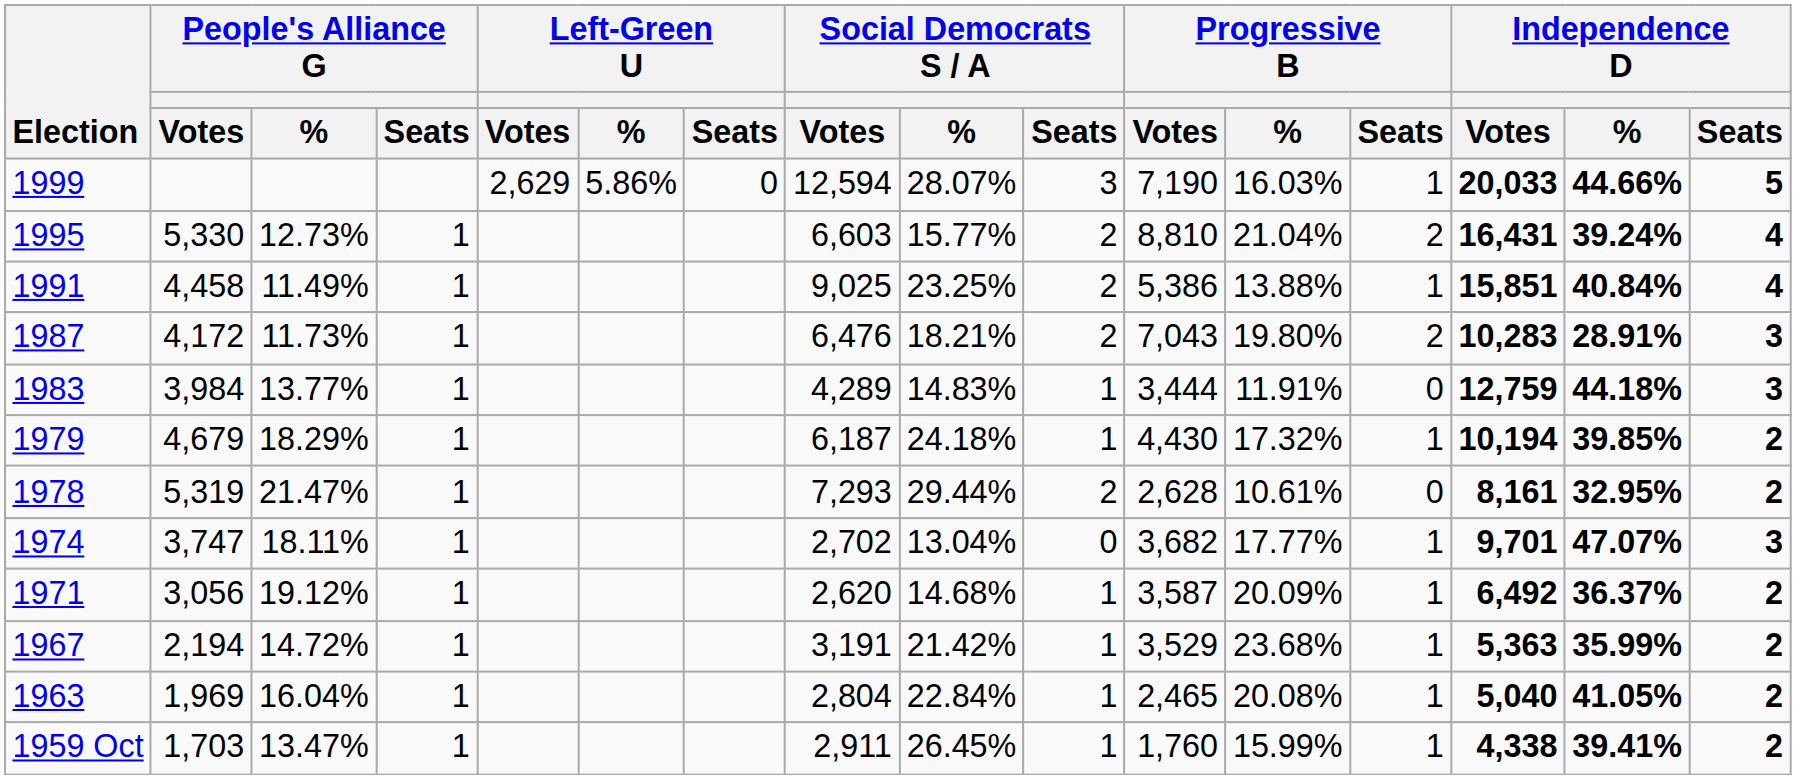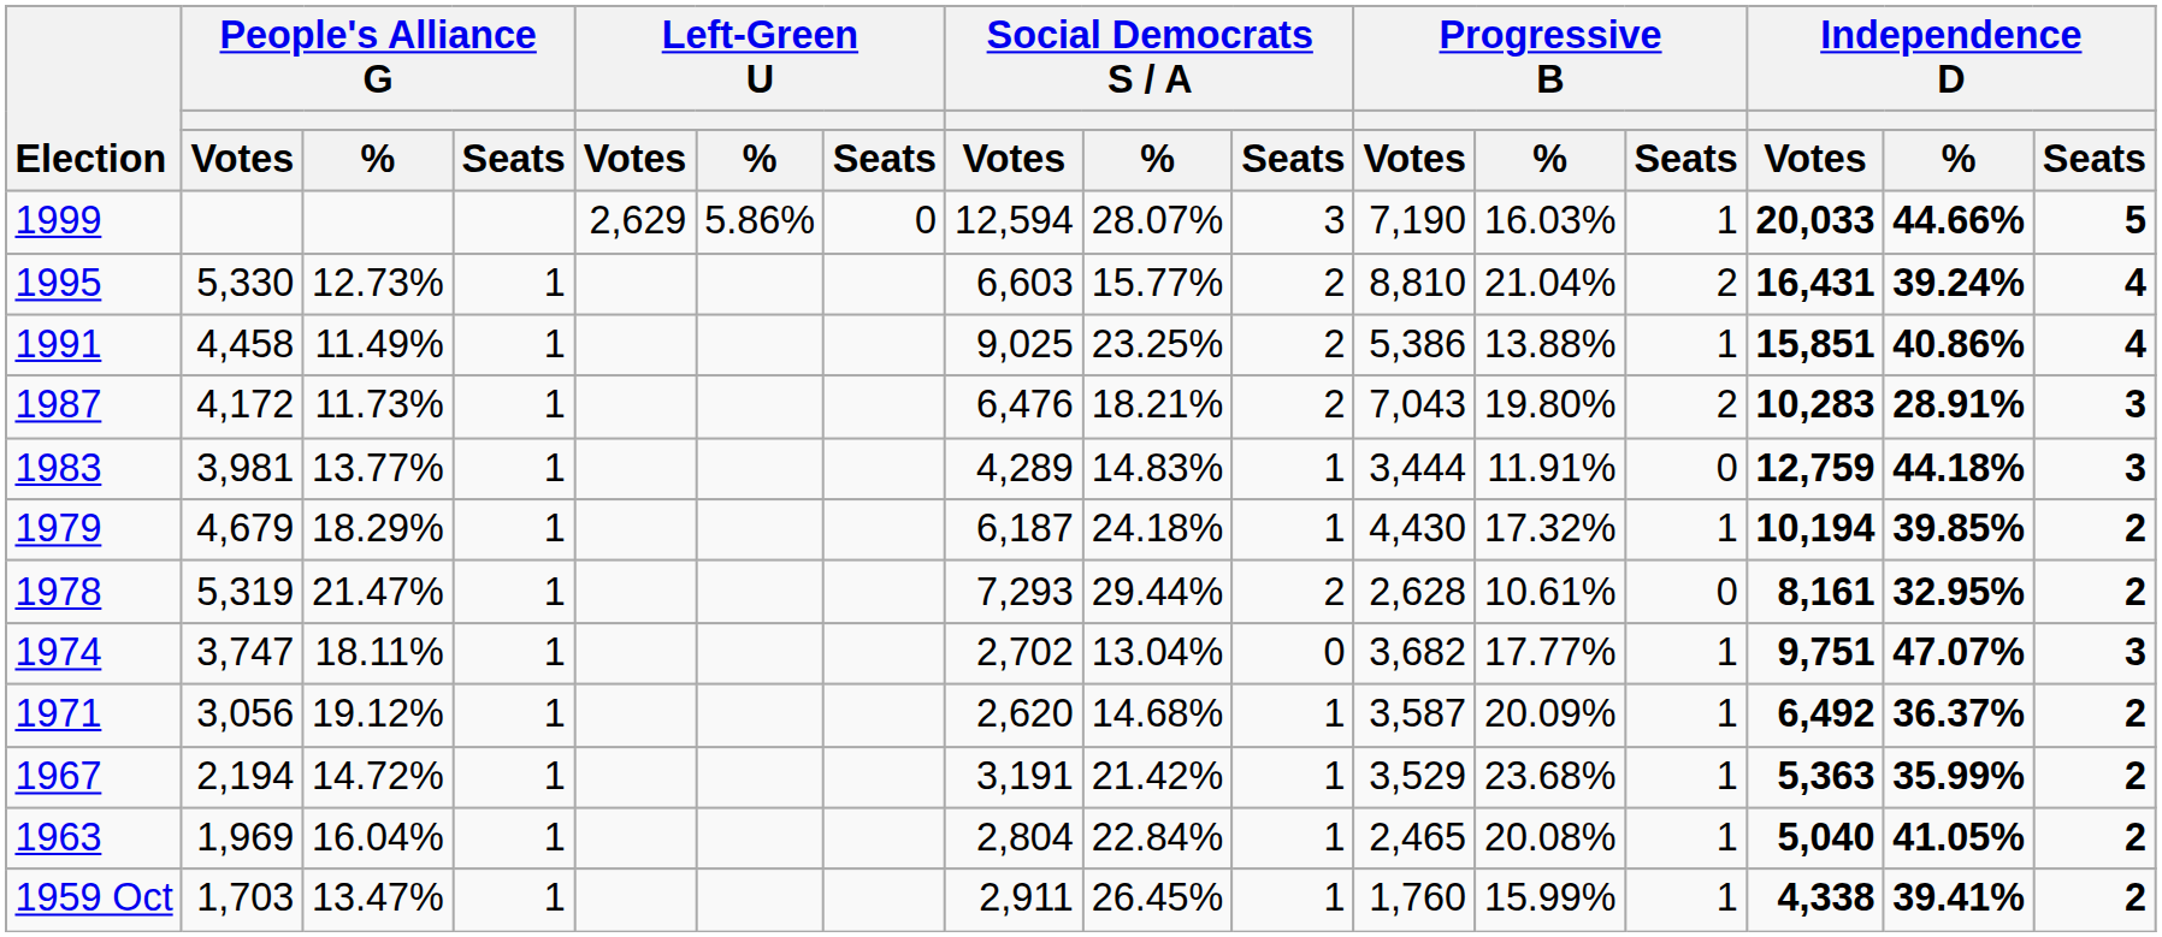 <table class="wikitable" border="1" style="font-size:100%; text-align:right;">
 <tr>
 <th style="text-align:left;" valign=bottom rowspan=3>Election</th>
 <th valign=bottom colspan=3><a href='#'>People's Alliance</a><br>G</th>
 <th valign=bottom colspan=3><a href='#'>Left-Green</a><br>U</th>
 <th valign=bottom colspan=3><a href='#'>Social Democrats</a><br>S / A</th>
 <th valign=bottom colspan=3><a href='#'>Progressive</a><br>B</th>
 <th valign=bottom colspan=3><a href='#'>Independence</a><br>D</th>
 </tr>
 <tr>
 <th colspan=3 style="background:"></th>
 <th colspan=3 style="background:"></th>
 <th colspan=3 style="background:"></th>
 <th colspan=3 style="background:"></th>
 <th colspan=3 style="background:"></th>
 </tr>
 <tr>
 <th>Votes</th>
 <th>%</th>
 <th>Seats</th>
 <th>Votes</th>
 <th>%</th>
 <th>Seats</th>
 <th>Votes</th>
 <th>%</th>
 <th>Seats</th>
 <th>Votes</th>
 <th>%</th>
 <th>Seats</th>
 <th>Votes</th>
 <th>%</th>
 <th>Seats</th>
 </tr>
 <tr>
 <td align=left><a href='#'>1999</a></td>
 <td></td>
 <td></td>
 <td></td>
 <td>2,629</td>
 <td>5.86%</td>
 <td>0</td>
 <td>12,594</td>
 <td>28.07%</td>
 <td>3</td>
 <td>7,190</td>
 <td>16.03%</td>
 <td>1</td>
 <td><strong>20,033</strong></td>
 <td><strong>44.66%</strong></td>
 <td><strong>5</strong></td>
 </tr>
 <tr>
 <td align=left><a href='#'>1995</a></td>
 <td>5,330</td>
 <td>12.73%</td>
 <td>1</td>
 <td></td>
 <td></td>
 <td></td>
 <td>6,603</td>
 <td>15.77%</td>
 <td>2</td>
 <td>8,810</td>
 <td>21.04%</td>
 <td>2</td>
 <td><strong>16,431</strong></td>
 <td><strong>39.24%</strong></td>
 <td><strong>4</strong></td>
 </tr>
 <tr>
 <td align=left><a href='#'>1991</a></td>
 <td>4,458</td>
 <td>11.49%</td>
 <td>1</td>
 <td></td>
 <td></td>
 <td></td>
 <td>9,025</td>
 <td>23.25%</td>
 <td>2</td>
 <td>5,386</td>
 <td>13.88%</td>
 <td>1</td>
 <td><strong>15,851</strong></td>
-<td><strong>40.84%</strong></td>
+<td><strong>40.86%</strong></td>
 <td><strong>4</strong></td>
 </tr>
 <tr>
 <td align=left><a href='#'>1987</a></td>
 <td>4,172</td>
 <td>11.73%</td>
 <td>1</td>
 <td></td>
 <td></td>
 <td></td>
 <td>6,476</td>
 <td>18.21%</td>
 <td>2</td>
 <td>7,043</td>
 <td>19.80%</td>
 <td>2</td>
 <td><strong>10,283</strong></td>
 <td><strong>28.91%</strong></td>
 <td><strong>3</strong></td>
 </tr>
 <tr>
 <td align=left><a href='#'>1983</a></td>
-<td>3,984</td>
+<td>3,981</td>
 <td>13.77%</td>
 <td>1</td>
 <td></td>
 <td></td>
 <td></td>
 <td>4,289</td>
 <td>14.83%</td>
 <td>1</td>
 <td>3,444</td>
 <td>11.91%</td>
 <td>0</td>
 <td><strong>12,759</strong></td>
 <td><strong>44.18%</strong></td>
 <td><strong>3</strong></td>
 </tr>
 <tr>
 <td align=left><a href='#'>1979</a></td>
 <td>4,679</td>
 <td>18.29%</td>
 <td>1</td>
 <td></td>
 <td></td>
 <td></td>
 <td>6,187</td>
 <td>24.18%</td>
 <td>1</td>
 <td>4,430</td>
 <td>17.32%</td>
 <td>1</td>
 <td><strong>10,194</strong></td>
 <td><strong>39.85%</strong></td>
 <td><strong>2</strong></td>
 </tr>
 <tr>
 <td align=left><a href='#'>1978</a></td>
 <td>5,319</td>
 <td>21.47%</td>
 <td>1</td>
 <td></td>
 <td></td>
 <td></td>
 <td>7,293</td>
 <td>29.44%</td>
 <td>2</td>
 <td>2,628</td>
 <td>10.61%</td>
 <td>0</td>
 <td><strong>8,161</strong></td>
 <td><strong>32.95%</strong></td>
 <td><strong>2</strong></td>
 </tr>
 <tr>
 <td align=left><a href='#'>1974</a></td>
 <td>3,747</td>
 <td>18.11%</td>
 <td>1</td>
 <td></td>
 <td></td>
 <td></td>
 <td>2,702</td>
 <td>13.04%</td>
 <td>0</td>
 <td>3,682</td>
 <td>17.77%</td>
 <td>1</td>
-<td><strong>9,701</strong></td>
+<td><strong>9,751</strong></td>
 <td><strong>47.07%</strong></td>
 <td><strong>3</strong></td>
 </tr>
 <tr>
 <td align=left><a href='#'>1971</a></td>
 <td>3,056</td>
 <td>19.12%</td>
 <td>1</td>
 <td></td>
 <td></td>
 <td></td>
 <td>2,620</td>
 <td>14.68%</td>
 <td>1</td>
 <td>3,587</td>
 <td>20.09%</td>
 <td>1</td>
 <td><strong>6,492</strong></td>
 <td><strong>36.37%</strong></td>
 <td><strong>2</strong></td>
 </tr>
 <tr>
 <td align=left><a href='#'>1967</a></td>
 <td>2,194</td>
 <td>14.72%</td>
 <td>1</td>
 <td></td>
 <td></td>
 <td></td>
 <td>3,191</td>
 <td>21.42%</td>
 <td>1</td>
 <td>3,529</td>
 <td>23.68%</td>
 <td>1</td>
 <td><strong>5,363</strong></td>
 <td><strong>35.99%</strong></td>
 <td><strong>2</strong></td>
 </tr>
 <tr>
 <td align=left><a href='#'>1963</a></td>
 <td>1,969</td>
 <td>16.04%</td>
 <td>1</td>
 <td></td>
 <td></td>
 <td></td>
 <td>2,804</td>
 <td>22.84%</td>
 <td>1</td>
 <td>2,465</td>
 <td>20.08%</td>
 <td>1</td>
 <td><strong>5,040</strong></td>
 <td><strong>41.05%</strong></td>
 <td><strong>2</strong></td>
 </tr>
 <tr>
 <td align=left><a href='#'>1959 Oct</a></td>
 <td>1,703</td>
 <td>13.47%</td>
 <td>1</td>
 <td></td>
 <td></td>
 <td></td>
 <td>2,911</td>
 <td>26.45%</td>
 <td>1</td>
 <td>1,760</td>
 <td>15.99%</td>
 <td>1</td>
 <td><strong>4,338</strong></td>
 <td><strong>39.41%</strong></td>
 <td><strong>2</strong></td>
 </tr>
 </table>
